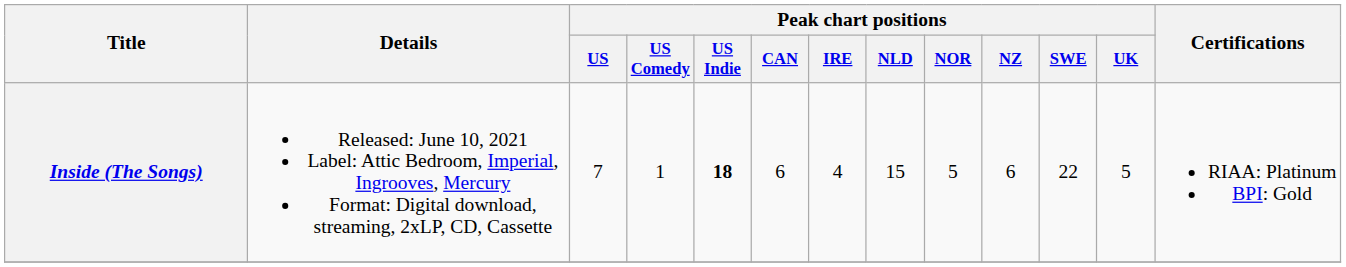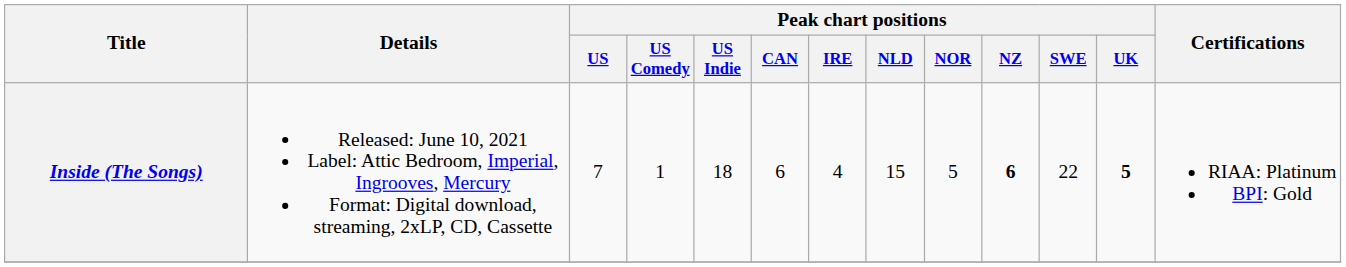 <table class="wikitable plainrowheaders" style="text-align:center;" border="1">
 <tr>
 <th scope="col" rowspan="2" style="width:12em;">Title</th>
 <th scope="col" rowspan="2" style="width:16em;">Details</th>
 <th scope="col" colspan="10">Peak chart positions</th>
 <th scope="col" rowspan="2">Certifications</th>
 </tr>
 <tr>
 <th scope="col" style="width:3em;font-size:85%;"><a href='#'>US</a><br></th>
 <th scope="col" style="width:3em;font-size:85%;"><a href='#'>US<br>Comedy</a><br></th>
 <th scope="col" style="width:3em;font-size:85%;"><a href='#'>US<br>Indie</a><br></th>
 <th scope="col" style="width:3em;font-size:85%;"><a href='#'>CAN</a><br></th>
 <th scope="col" style="width:3em;font-size:85%;"><a href='#'>IRE</a><br></th>
 <th scope="col" style="width:3em;font-size:85%;"><a href='#'>NLD</a><br></th>
 <th scope="col" style="width:3em;font-size:85%;"><a href='#'>NOR</a><br></th>
 <th scope="col" style="width:3em;font-size:85%;"><a href='#'>NZ</a><br></th>
 <th scope="col" style="width:3em;font-size:85%;"><a href='#'>SWE</a><br></th>
 <th scope="col" style="width:3em;font-size:85%;"><a href='#'>UK</a><br></th>
 </tr>
 <tr>
 <th scope="row"><em><a href='#'>Inside (The Songs)</a></em></th>
 <td><br><ul><li>Released: June 10, 2021</li><li>Label: Attic Bedroom, <a href='#'>Imperial</a>, <a href='#'>Ingrooves</a>, <a href='#'>Mercury</a></li><li>Format: Digital download, streaming, 2xLP, CD, Cassette</li></ul></td>
 <td>7</td>
 <td>1</td>
-<td><strong>18</strong></td>
+<td>18</td>
 <td>6</td>
 <td>4</td>
 <td>15</td>
 <td>5<br></td>
-<td>6</td>
+<td><strong>6</strong></td>
 <td>22</td>
-<td>5</td>
+<td><strong>5</strong></td>
 <td><br><ul><li>RIAA: Platinum</li><li><a href='#'>BPI</a>: Gold</li></ul></td>
 </tr>
 <tr>
 </tr>
 </table>
